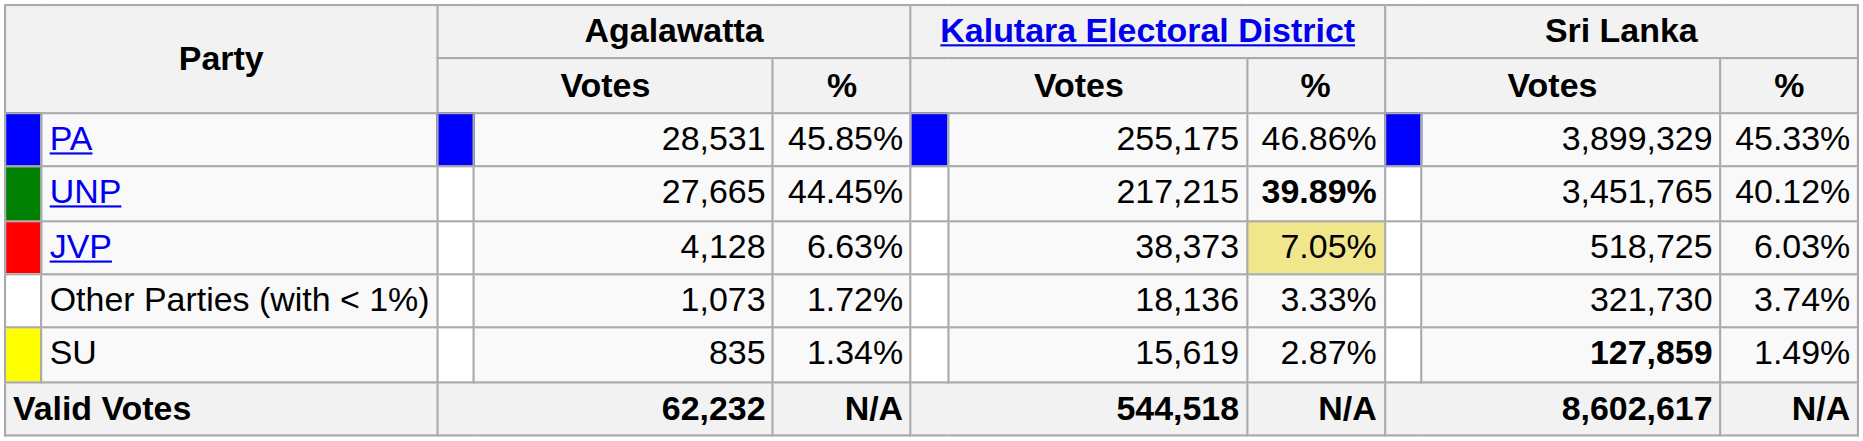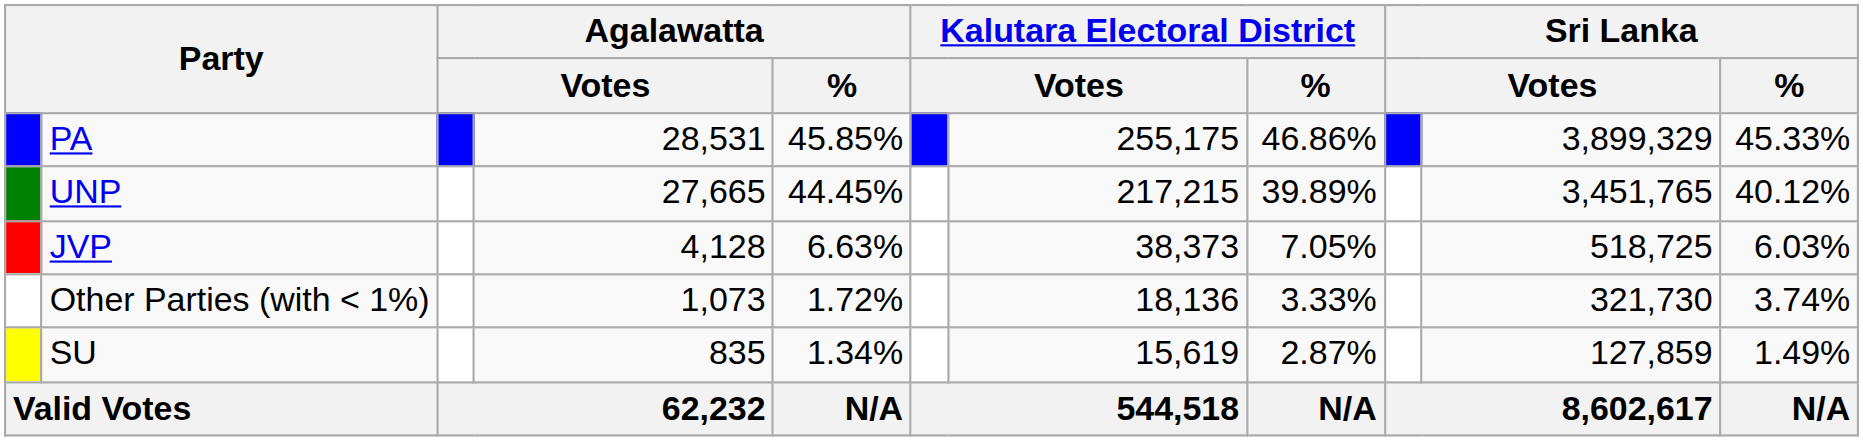 <table class="wikitable">
 <tr>
 <th colspan="2" width="144px"rowspan="2">Party</th>
 <th colspan="3" width="216px">Agalawatta</th>
 <th colspan="3" width="216px"><a href='#'>Kalutara Electoral District</a></th>
 <th colspan="3" width="216px">Sri Lanka</th>
 </tr>
 <tr>
 <th colspan="2" width="144px">Votes</th>
 <th>%</th>
 <th colspan="2" width="144px">Votes</th>
 <th>%</th>
 <th colspan="2" width="144px">Votes</th>
 <th>%</th>
 </tr>
 <tr>
 <td style="background-color:blue;" width="10px"></td>
 <td style="text-align:left;"><a href='#'>PA</a></td>
 <td style="background-color:blue;" width="10px"></td>
 <td style="text-align:right;">28,531</td>
 <td style="text-align:right;">45.85%</td>
 <td style="background-color:blue;" width="10px"></td>
 <td style="text-align:right;">255,175</td>
 <td style="text-align:right;">46.86%</td>
 <td style="background-color:blue;" width="10px"></td>
 <td style="text-align:right;">3,899,329</td>
 <td style="text-align:right;">45.33%</td>
 </tr>
 <tr>
 <td style="background-color:green;" width="10px"></td>
 <td style="text-align:left;"><a href='#'>UNP</a></td>
 <td style="background-color:white;" width="10px"></td>
 <td style="text-align:right;">27,665</td>
 <td style="text-align:right;">44.45%</td>
 <td style="background-color:white;" width="10px"></td>
 <td style="text-align:right;">217,215</td>
-<td style="text-align:right;"><strong>39.89%</strong></td>
+<td style="text-align:right;">39.89%</td>
 <td style="background-color:white;" width="10px"></td>
 <td style="text-align:right;">3,451,765</td>
 <td style="text-align:right;">40.12%</td>
 </tr>
 <tr>
 <td style="background-color:red;" width="10px"></td>
 <td style="text-align:left;"><a href='#'>JVP</a></td>
 <td style="background-color:white;" width="10px"></td>
 <td style="text-align:right;">4,128</td>
 <td style="text-align:right;">6.63%</td>
 <td style="background-color:white;" width="10px"></td>
 <td style="text-align:right;">38,373</td>
-<td style="background: khaki; text-align:right;">7.05%</td>
+<td style="text-align:right;">7.05%</td>
 <td style="background-color:white;" width="10px"></td>
 <td style="text-align:right;">518,725</td>
 <td style="text-align:right;">6.03%</td>
 </tr>
 <tr>
 <td style="background-color:white;" width="10px"></td>
 <td style="text-align:left;">Other Parties (with < 1%)</td>
 <td style="background-color:white;" width="10px"></td>
 <td style="text-align:right;">1,073</td>
 <td style="text-align:right;">1.72%</td>
 <td style="background-color:white;" width="10px"></td>
 <td style="text-align:right;">18,136</td>
 <td style="text-align:right;">3.33%</td>
 <td style="background-color:white;" width="10px"></td>
 <td style="text-align:right;">321,730</td>
 <td style="text-align:right;">3.74%</td>
 </tr>
 <tr>
 <td style="background-color:yellow;" width="10px"></td>
 <td style="text-align:left;">SU</td>
 <td style="background-color:white;" width="10px"></td>
 <td style="text-align:right;">835</td>
 <td style="text-align:right;">1.34%</td>
 <td style="background-color:white;" width="10px"></td>
 <td style="text-align:right;">15,619</td>
 <td style="text-align:right;">2.87%</td>
 <td style="background-color:white;" width="10px"></td>
-<td style="text-align:right;"><strong>127,859</strong></td>
+<td style="text-align:right;">127,859</td>
 <td style="text-align:right;">1.49%</td>
 </tr>
 <tr>
 <th colspan="2" width="144px"style="text-align:left;">Valid Votes</th>
 <th style="text-align:right;"colspan="2" width="144px">62,232</th>
 <th style="text-align:right;">N/A</th>
 <th style="text-align:right;"colspan="2" width="144px">544,518</th>
 <th style="text-align:right;">N/A</th>
 <th style="text-align:right;"colspan="2" width="144px">8,602,617</th>
 <th style="text-align:right;">N/A</th>
 </tr>
 </table>
